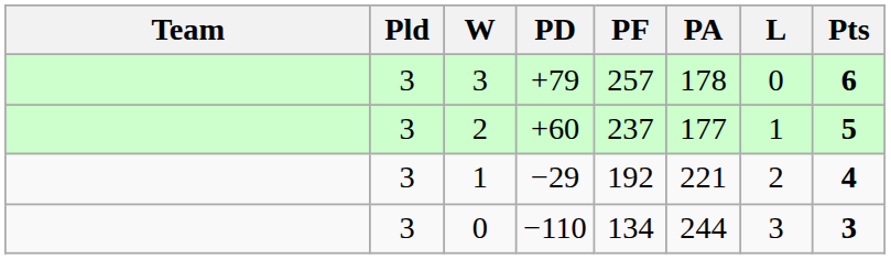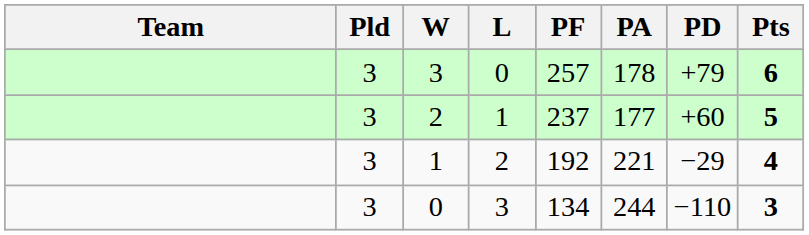 <table class=wikitable style="text-align:center">
 <tr>
 <th width=180>Team</th>
 <th width=30>Pld</th>
 <th width=30>W</th>
-<th width=30>PD</th>
+<th width=30>L</th>
 <th width=30>PF</th>
 <th width=30>PA</th>
-<th width=30>L</th>
+<th width=30>PD</th>
 <th width=30>Pts</th>
 </tr>
 <tr align=center bgcolor="#ccffcc">
 <td align=left></td>
 <td>3</td>
 <td>3</td>
-<td>+79</td>
+<td>0</td>
 <td>257</td>
 <td>178</td>
-<td>0</td>
+<td>+79</td>
 <td><strong>6</strong></td>
 </tr>
 <tr align=center bgcolor="#ccffcc">
 <td align=left></td>
 <td>3</td>
 <td>2</td>
-<td>+60</td>
+<td>1</td>
 <td>237</td>
 <td>177</td>
-<td>1</td>
+<td>+60</td>
 <td><strong>5</strong></td>
 </tr>
 <tr align=center>
 <td align=left></td>
 <td>3</td>
 <td>1</td>
-<td>−29</td>
+<td>2</td>
 <td>192</td>
 <td>221</td>
-<td>2</td>
+<td>−29</td>
 <td><strong>4</strong></td>
 </tr>
 <tr align=center>
 <td align=left></td>
 <td>3</td>
 <td>0</td>
-<td>−110</td>
+<td>3</td>
 <td>134</td>
 <td>244</td>
-<td>3</td>
+<td>−110</td>
 <td><strong>3</strong></td>
 </tr>
 </table>
